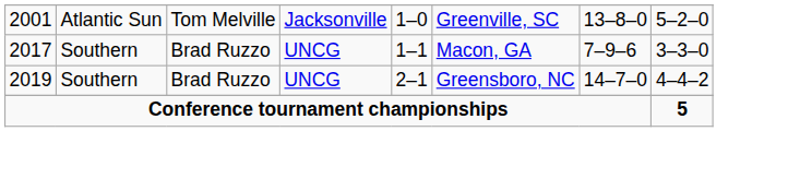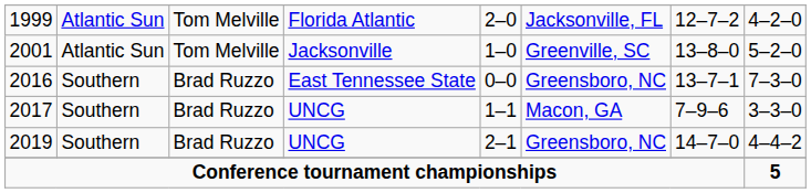 <table class="wikitable" style="font-size:100%;">
 <tr>
+</tr>
+<tr>
+<td>1999</td>
+<td><a href='#'>Atlantic Sun</a></td>
+<td>Tom Melville</td>
+<td><a href='#'>Florida Atlantic</a></td>
+<td>2–0</td>
+<td><a href='#'>Jacksonville, FL</a></td>
+<td>12–7–2</td>
+<td>4–2–0</td>
 </tr>
 <tr>
 <td>2001</td>
 <td>Atlantic Sun</td>
 <td>Tom Melville</td>
 <td><a href='#'>Jacksonville</a></td>
 <td>1–0</td>
 <td><a href='#'>Greenville, SC</a></td>
 <td>13–8–0</td>
 <td>5–2–0</td>
+</tr>
+<tr>
+<td>2016</td>
+<td>Southern</td>
+<td>Brad Ruzzo</td>
+<td><a href='#'>East Tennessee State</a></td>
+<td>0–0</td>
+<td><a href='#'>Greensboro, NC</a></td>
+<td>13–7–1</td>
+<td>7–3–0</td>
 </tr>
 <tr>
 <td>2017</td>
 <td>Southern</td>
 <td>Brad Ruzzo</td>
 <td><a href='#'>UNCG</a></td>
 <td>1–1</td>
 <td><a href='#'>Macon, GA</a></td>
 <td>7–9–6</td>
 <td>3–3–0</td>
 </tr>
 <tr>
 <td>2019</td>
 <td>Southern</td>
 <td>Brad Ruzzo</td>
 <td><a href='#'>UNCG</a></td>
 <td>2–1</td>
 <td><a href='#'>Greensboro, NC</a></td>
 <td>14–7–0</td>
 <td>4–4–2</td>
 </tr>
 <tr>
 </tr>
 <tr style="text-align:center; ">
 <td colspan="7"><strong>Conference tournament championships</strong></td>
 <td colspan="1"><strong>5</strong></td>
 </tr>
 </table>
